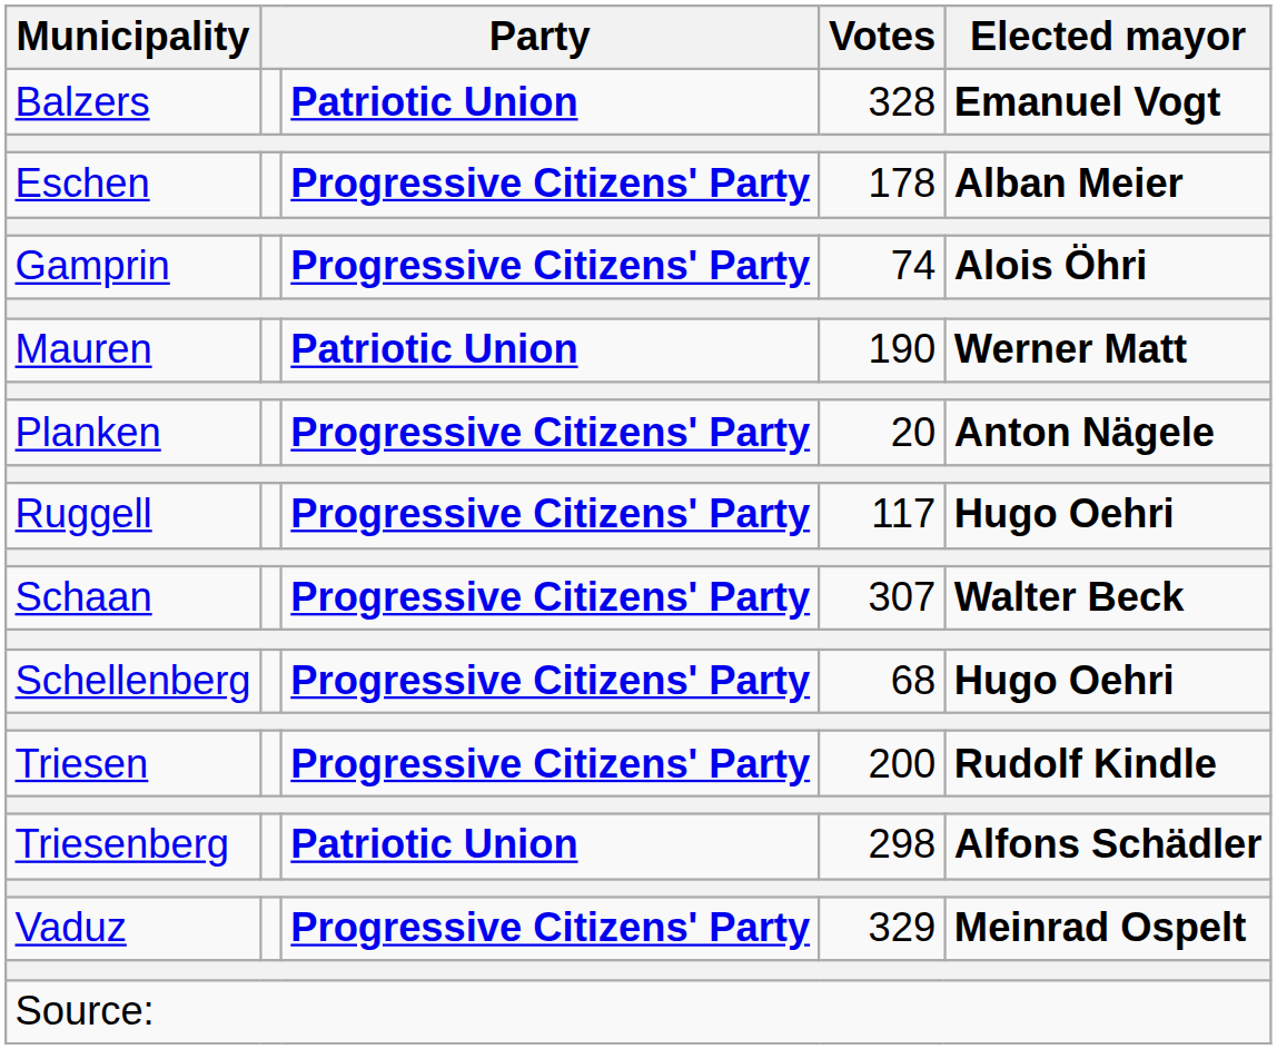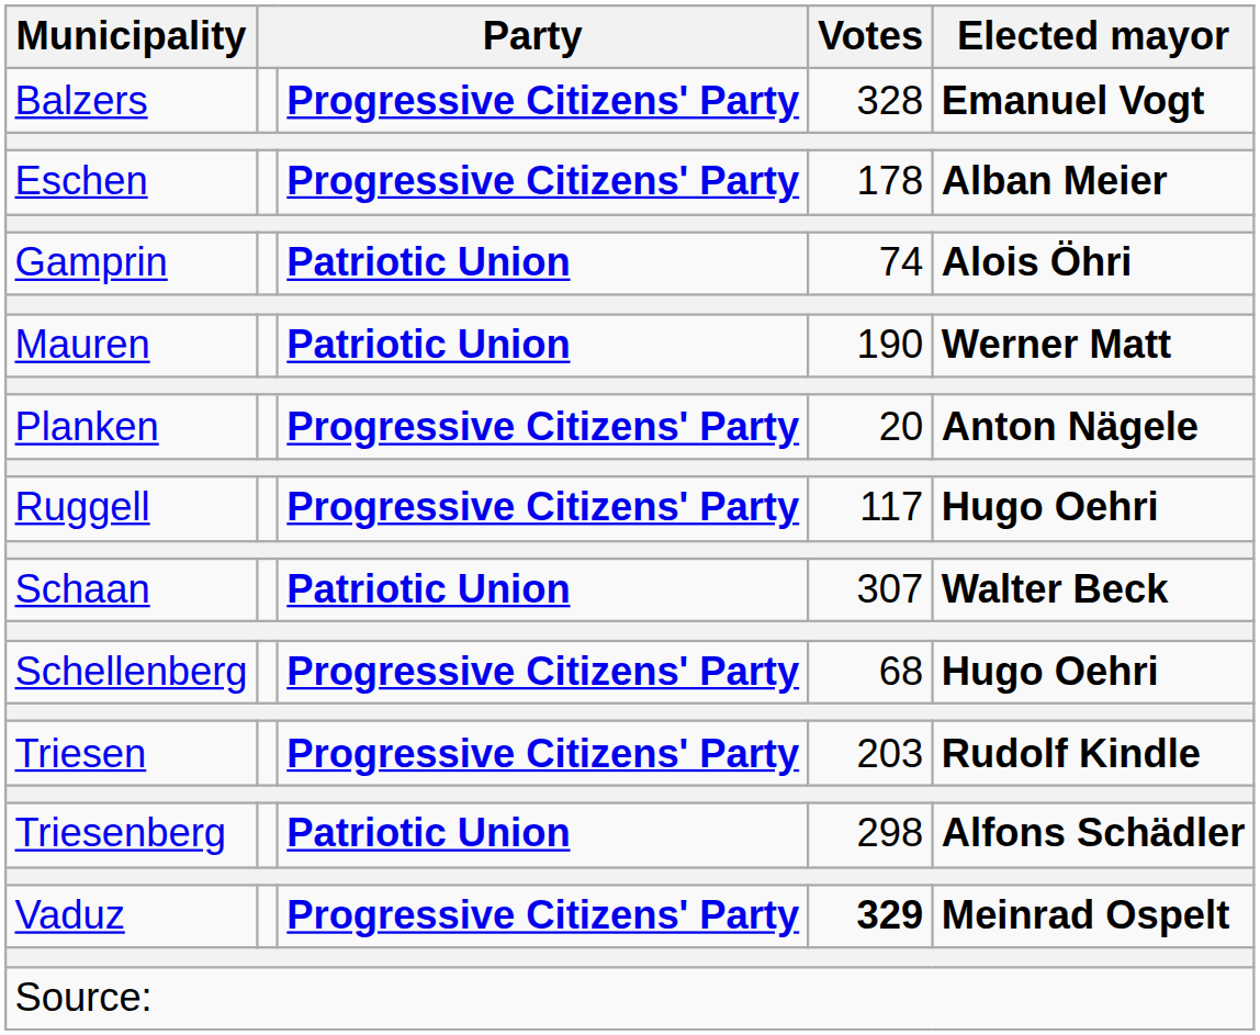 <table class="wikitable" style="text-align:right">
 <tr>
 <th>Municipality</th>
 <th colspan="2">Party</th>
 <th>Votes</th>
 <th>Elected mayor</th>
 </tr>
 <tr>
 <td align="left"><a href='#'>Balzers</a></td>
 <td width="1" style="color:inherit;background:"></td>
-<td align="left"><a href='#'><strong>Patriotic Union</strong></a></td>
+<td align="left"><strong><a href='#'>Progressive Citizens' Party</a></strong></td>
 <td>328</td>
 <td align="left"><strong>Emanuel Vogt</strong></td>
 </tr>
 <tr>
 <th colspan="5"></th>
 </tr>
 <tr>
 <td align="left"><a href='#'>Eschen</a></td>
 <td width="1" style="color:inherit;background:"></td>
 <td align="left"><strong><a href='#'>Progressive Citizens' Party</a></strong></td>
 <td>178</td>
 <td align="left"><strong>Alban Meier</strong></td>
 </tr>
 <tr>
 <th colspan="5"></th>
 </tr>
 <tr>
 <td align="left"><a href='#'>Gamprin</a></td>
 <td style="color:inherit;background:"></td>
-<td align="left"><strong><a href='#'>Progressive Citizens' Party</a></strong></td>
+<td align="left"><a href='#'><strong>Patriotic Union</strong></a></td>
 <td>74</td>
 <td align="left"><strong>Alois Öhri</strong></td>
 </tr>
 <tr>
 <th colspan="5"></th>
 </tr>
 <tr>
 <td align="left"><a href='#'>Mauren</a></td>
 <td style="color:inherit;background:"></td>
 <td align="left"><a href='#'><strong>Patriotic Union</strong></a></td>
 <td>190</td>
 <td align="left"><strong>Werner Matt</strong></td>
 </tr>
 <tr>
 <th colspan="5"></th>
 </tr>
 <tr>
 <td align="left"><a href='#'>Planken</a></td>
 <td style="color:inherit;background:"></td>
 <td align="left"><strong><a href='#'>Progressive Citizens' Party</a></strong></td>
 <td>20</td>
 <td align="left"><strong>Anton Nägele</strong></td>
 </tr>
 <tr>
 <th colspan="5"></th>
 </tr>
 <tr>
 <td align="left"><a href='#'>Ruggell</a></td>
 <td style="color:inherit;background:"></td>
 <td align="left"><strong><a href='#'>Progressive Citizens' Party</a></strong></td>
 <td>117</td>
 <td align="left"><strong>Hugo Oehri</strong></td>
 </tr>
 <tr>
 <th colspan="5"></th>
 </tr>
 <tr>
 <td align="left"><a href='#'>Schaan</a></td>
 <td style="color:inherit;background:"></td>
-<td align="left"><strong><a href='#'>Progressive Citizens' Party</a></strong></td>
+<td align="left"><a href='#'><strong>Patriotic Union</strong></a></td>
 <td>307</td>
 <td align="left"><strong>Walter Beck</strong></td>
 </tr>
 <tr>
 <th colspan="5"></th>
 </tr>
 <tr>
 <td align="left"><a href='#'>Schellenberg</a></td>
 <td style="color:inherit;background:"></td>
 <td align="left"><strong><a href='#'>Progressive Citizens' Party</a></strong></td>
 <td>68</td>
 <td align="left"><strong>Hugo Oehri</strong></td>
 </tr>
 <tr>
 <th colspan="5"></th>
 </tr>
 <tr>
 <td align="left"><a href='#'>Triesen</a></td>
 <td style="color:inherit;background:"></td>
 <td align="left"><strong><a href='#'>Progressive Citizens' Party</a></strong></td>
-<td>200</td>
+<td>203</td>
 <td align="left"><strong>Rudolf Kindle</strong></td>
 </tr>
 <tr>
 <th colspan="5"></th>
 </tr>
 <tr>
 <td align="left"><a href='#'>Triesenberg</a></td>
 <td style="color:inherit;background:"></td>
 <td align="left"><a href='#'><strong>Patriotic Union</strong></a></td>
 <td>298</td>
 <td align="left"><strong>Alfons Schädler</strong></td>
 </tr>
 <tr>
 <th colspan="5"></th>
 </tr>
 <tr>
 <td align="left"><a href='#'>Vaduz</a></td>
 <td style="color:inherit;background:"></td>
 <td align="left"><strong><a href='#'>Progressive Citizens' Party</a></strong></td>
-<td>329</td>
+<td><strong>329</strong></td>
 <td align="left"><strong>Meinrad Ospelt</strong></td>
 </tr>
 <tr>
 <th colspan="5"></th>
 </tr>
 <tr>
 <td colspan="5" align="left">Source: </td>
 </tr>
 </table>
